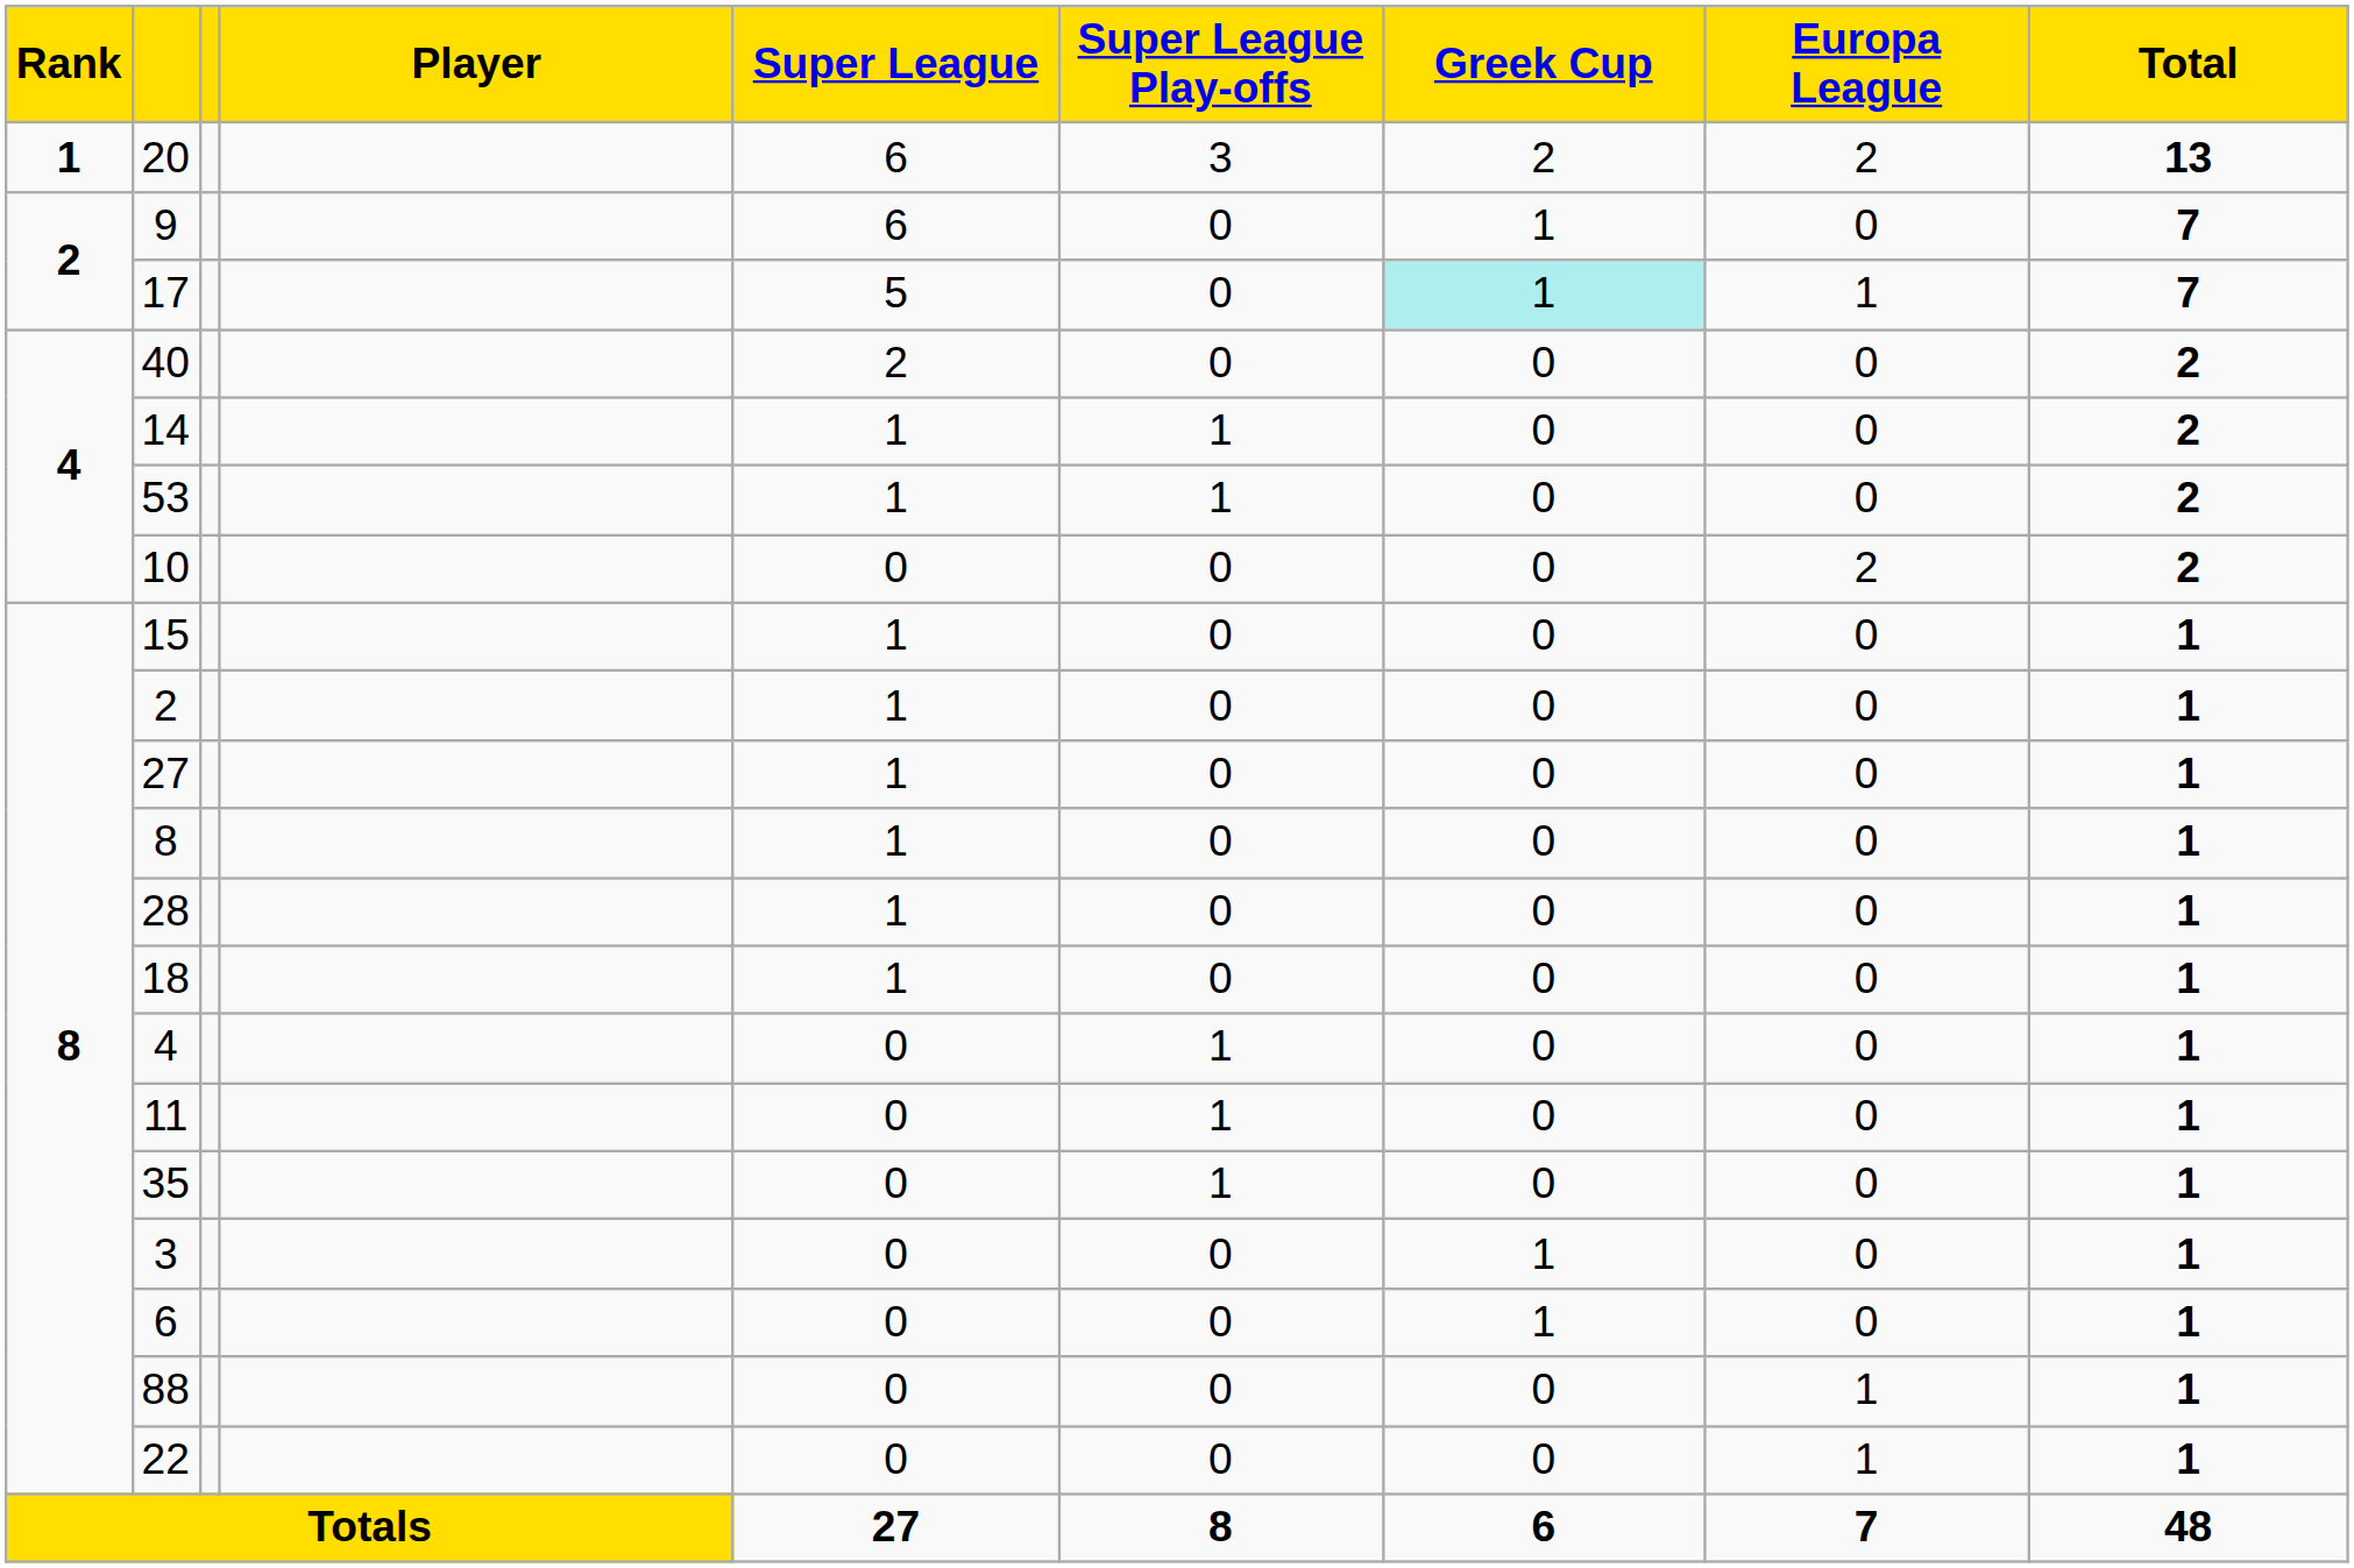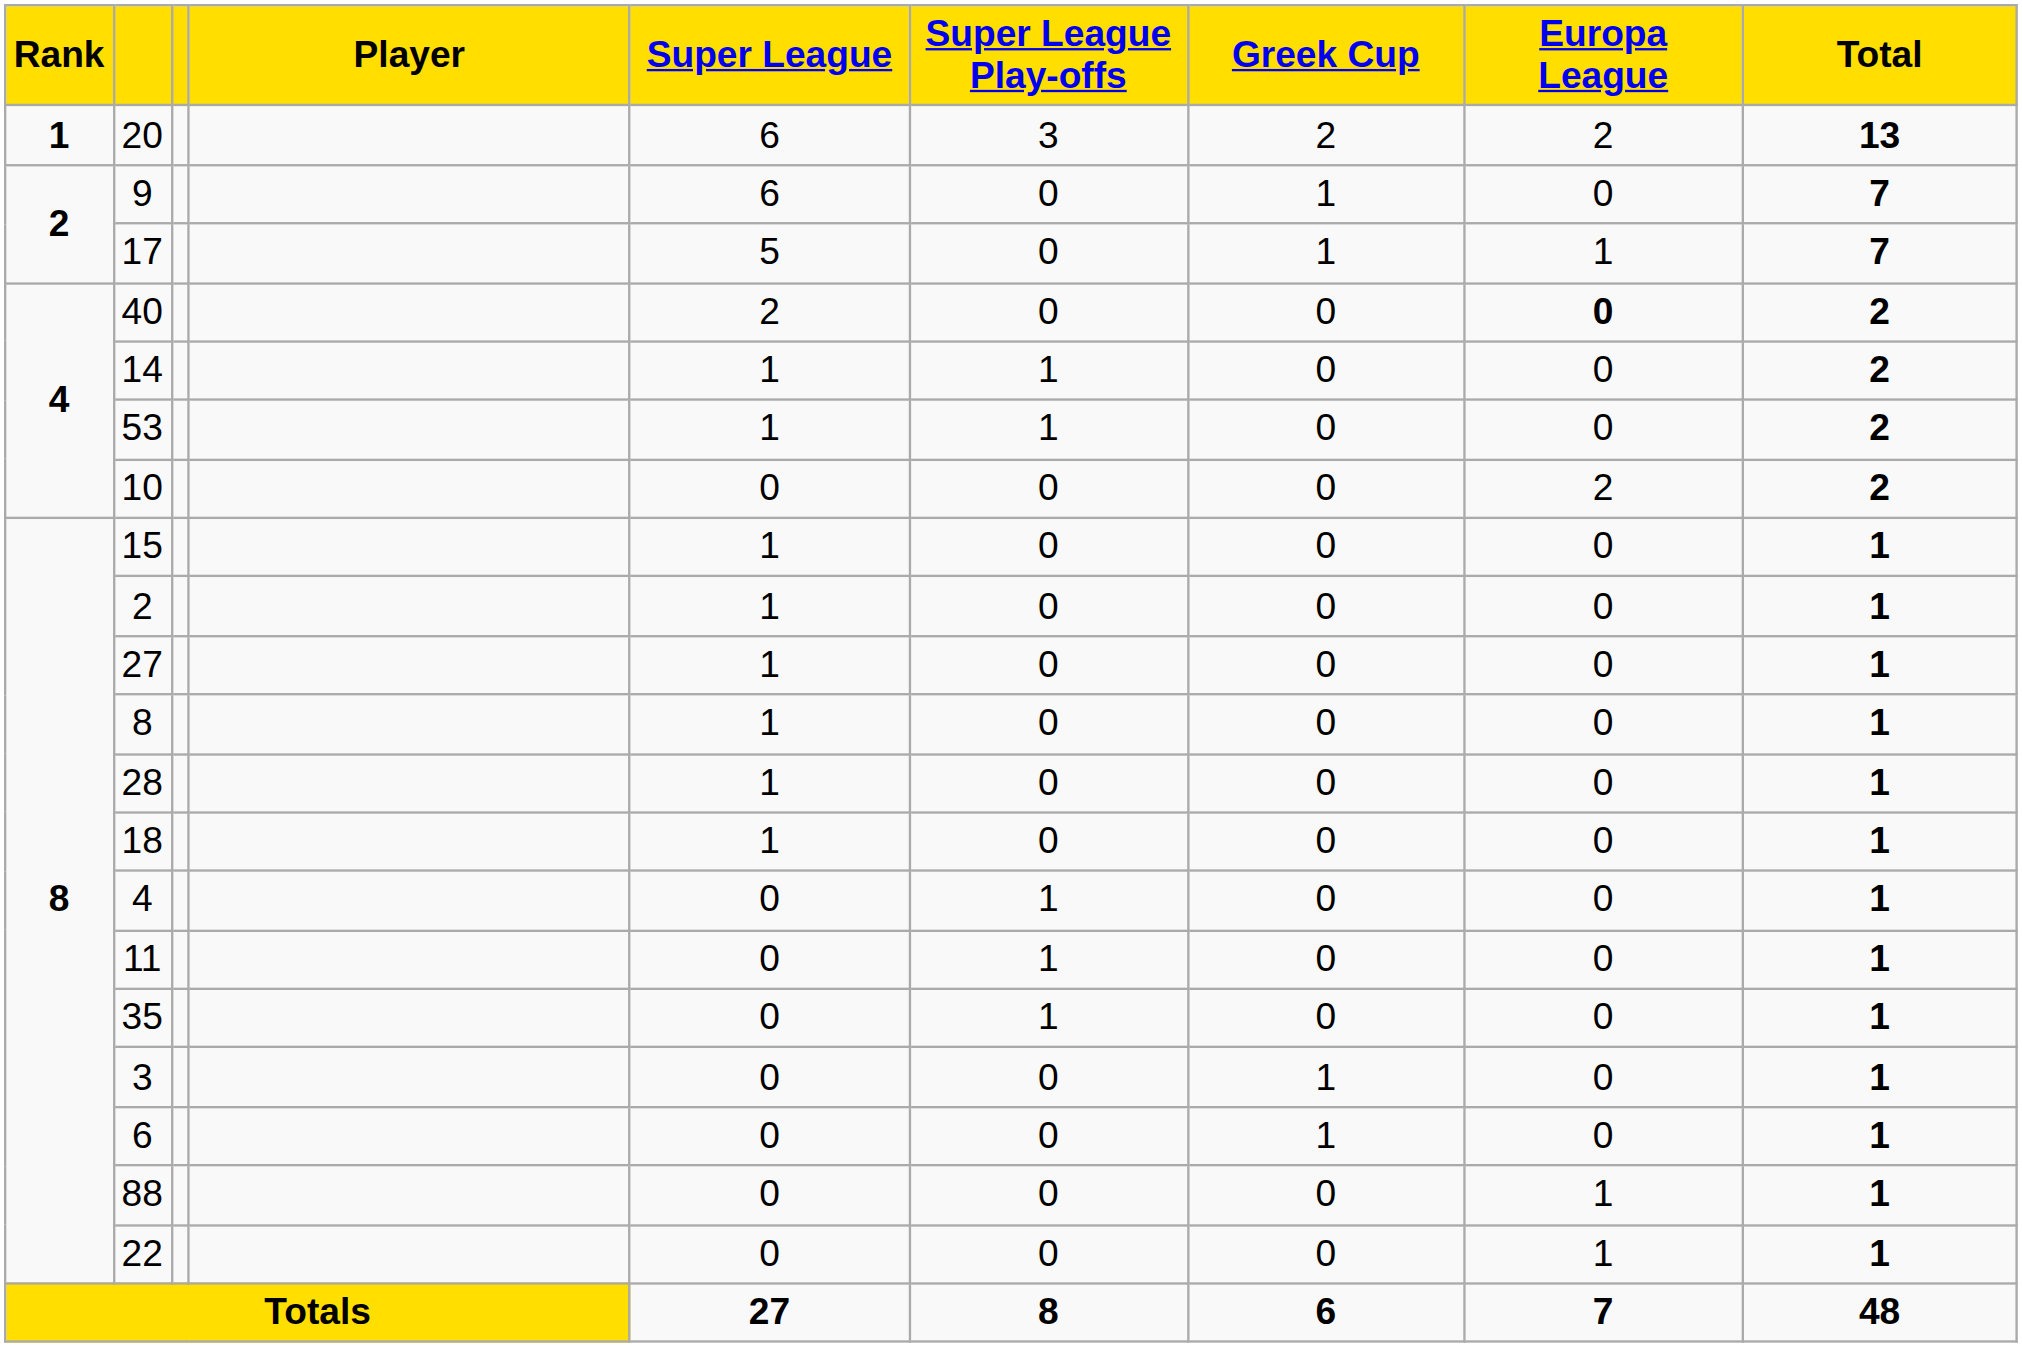 <table class="wikitable sortable" style="text-align: center">
 <tr>
 <th style="background:#FFDE00">Rank</th>
 <th style="background:#FFDE00"></th>
 <th style="background:#FFDE00"></th>
 <th width=200 style="background:#FFDE00">Player</th>
 <th width=120 style="background:#FFDE00"><a href='#'>Super League</a></th>
 <th width=120 style="background:#FFDE00"><a href='#'>Super League Play-offs</a></th>
 <th width=120 style="background:#FFDE00"><a href='#'>Greek Cup</a></th>
 <th width=120 style="background:#FFDE00"><a href='#'>Europa League</a></th>
 <th width=120 style="background:#FFDE00">Total</th>
 </tr>
 <tr>
 <td><strong>1</strong></td>
 <td>20</td>
 <td></td>
 <td align=left></td>
 <td>6</td>
 <td>3</td>
 <td>2</td>
 <td>2</td>
 <td><strong>13</strong></td>
 </tr>
 <tr>
 <td rowspan=2><strong>2</strong></td>
 <td>9</td>
 <td></td>
 <td align=left></td>
 <td>6</td>
 <td>0</td>
 <td>1</td>
 <td>0</td>
 <td><strong>7</strong></td>
 </tr>
 <tr>
 <td>17</td>
 <td></td>
 <td align=left></td>
 <td>5</td>
 <td>0</td>
-<td style="background: paleturquoise;">1</td>
+<td>1</td>
 <td>1</td>
 <td><strong>7</strong></td>
 </tr>
 <tr>
 <td rowspan=4><strong>4</strong></td>
 <td>40</td>
 <td></td>
 <td align=left></td>
 <td>2</td>
 <td>0</td>
 <td>0</td>
-<td>0</td>
+<td><strong>0</strong></td>
 <td><strong>2</strong></td>
 </tr>
 <tr>
 <td>14</td>
 <td></td>
 <td align=left></td>
 <td>1</td>
 <td>1</td>
 <td>0</td>
 <td>0</td>
 <td><strong>2</strong></td>
 </tr>
 <tr>
 <td>53</td>
 <td></td>
 <td align=left></td>
 <td>1</td>
 <td>1</td>
 <td>0</td>
 <td>0</td>
 <td><strong>2</strong></td>
 </tr>
 <tr>
 <td>10</td>
 <td></td>
 <td align=left></td>
 <td>0</td>
 <td>0</td>
 <td>0</td>
 <td>2</td>
 <td><strong>2</strong></td>
 </tr>
 <tr>
 <td rowspan=13><strong>8</strong></td>
 <td>15</td>
 <td></td>
 <td align=left></td>
 <td>1</td>
 <td>0</td>
 <td>0</td>
 <td>0</td>
 <td><strong>1</strong></td>
 </tr>
 <tr>
 <td>2</td>
 <td></td>
 <td align=left></td>
 <td>1</td>
 <td>0</td>
 <td>0</td>
 <td>0</td>
 <td><strong>1</strong></td>
 </tr>
 <tr>
 <td>27</td>
 <td></td>
 <td align=left></td>
 <td>1</td>
 <td>0</td>
 <td>0</td>
 <td>0</td>
 <td><strong>1</strong></td>
 </tr>
 <tr>
 <td>8</td>
 <td></td>
 <td align=left></td>
 <td>1</td>
 <td>0</td>
 <td>0</td>
 <td>0</td>
 <td><strong>1</strong></td>
 </tr>
 <tr>
 <td>28</td>
 <td></td>
 <td align=left></td>
 <td>1</td>
 <td>0</td>
 <td>0</td>
 <td>0</td>
 <td><strong>1</strong></td>
 </tr>
 <tr>
 <td>18</td>
 <td></td>
 <td align=left></td>
 <td>1</td>
 <td>0</td>
 <td>0</td>
 <td>0</td>
 <td><strong>1</strong></td>
 </tr>
 <tr>
 <td>4</td>
 <td></td>
 <td align=left></td>
 <td>0</td>
 <td>1</td>
 <td>0</td>
 <td>0</td>
 <td><strong>1</strong></td>
 </tr>
 <tr>
 <td>11</td>
 <td></td>
 <td align=left></td>
 <td>0</td>
 <td>1</td>
 <td>0</td>
 <td>0</td>
 <td><strong>1</strong></td>
 </tr>
 <tr>
 <td>35</td>
 <td></td>
 <td align=left></td>
 <td>0</td>
 <td>1</td>
 <td>0</td>
 <td>0</td>
 <td><strong>1</strong></td>
 </tr>
 <tr>
 <td>3</td>
 <td></td>
 <td align=left></td>
 <td>0</td>
 <td>0</td>
 <td>1</td>
 <td>0</td>
 <td><strong>1</strong></td>
 </tr>
 <tr>
 <td>6</td>
 <td></td>
 <td align=left></td>
 <td>0</td>
 <td>0</td>
 <td>1</td>
 <td>0</td>
 <td><strong>1</strong></td>
 </tr>
 <tr>
 <td>88</td>
 <td></td>
 <td align=left></td>
 <td>0</td>
 <td>0</td>
 <td>0</td>
 <td>1</td>
 <td><strong>1</strong></td>
 </tr>
 <tr>
 <td>22</td>
 <td></td>
 <td align=left></td>
 <td>0</td>
 <td>0</td>
 <td>0</td>
 <td>1</td>
 <td><strong>1</strong></td>
 </tr>
 <tr class="sortbottom">
 <th colspan=4 style="background:#FFDE00"><strong>Totals</strong></th>
 <td><strong>27</strong></td>
 <td><strong> 8</strong></td>
 <td><strong> 6</strong></td>
 <td><strong> 7</strong></td>
 <td><strong>48</strong></td>
 </tr>
 </table>
